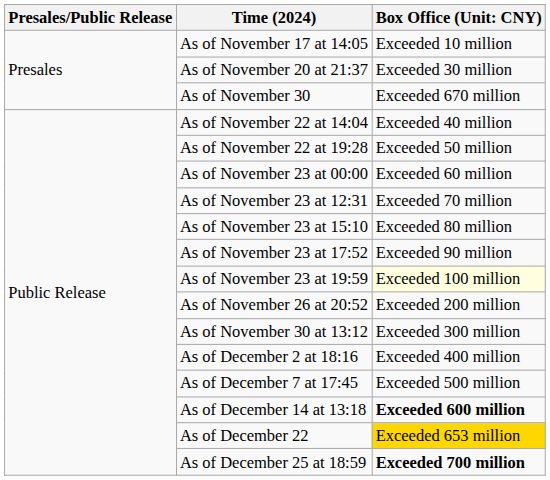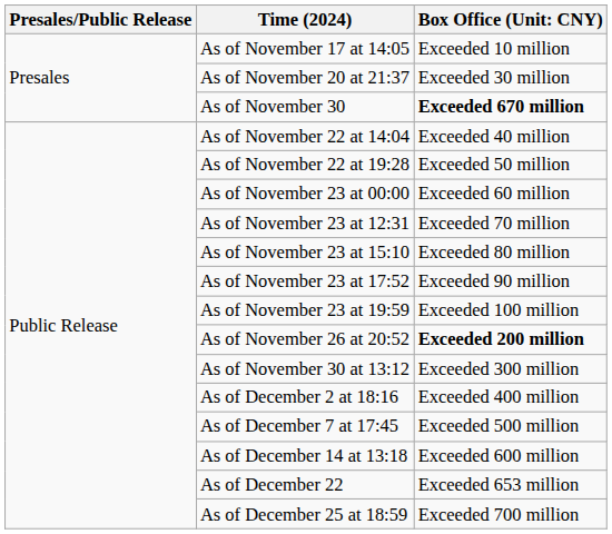 <table class="wikitable">
 <tr>
 <th>Presales/Public Release</th>
 <th>Time (2024)</th>
 <th>Box Office (Unit: CNY)</th>
 </tr>
 <tr>
 <td rowspan="3">Presales</td>
 <td>As of November 17 at 14:05</td>
 <td>Exceeded 10 million</td>
 </tr>
 <tr>
 <td>As of November 20 at 21:37</td>
 <td>Exceeded 30 million</td>
 </tr>
 <tr>
 <td>As of November 30</td>
-<td>Exceeded 670 million</td>
+<td><strong>Exceeded 670 million</strong></td>
 </tr>
 <tr>
 <td rowspan="14">Public Release</td>
 <td>As of November 22 at 14:04</td>
 <td>Exceeded 40 million</td>
 </tr>
 <tr>
 <td>As of November 22 at 19:28</td>
 <td>Exceeded 50 million</td>
 </tr>
 <tr>
 <td>As of November 23 at 00:00</td>
 <td>Exceeded 60 million</td>
 </tr>
 <tr>
 <td>As of November 23 at 12:31</td>
 <td>Exceeded 70 million</td>
 </tr>
 <tr>
 <td>As of November 23 at 15:10</td>
 <td>Exceeded 80 million</td>
 </tr>
 <tr>
 <td>As of November 23 at 17:52</td>
 <td>Exceeded 90 million</td>
 </tr>
 <tr>
 <td>As of November 23 at 19:59</td>
-<td style="background: lightyellow;">Exceeded 100 million</td>
+<td>Exceeded 100 million</td>
 </tr>
 <tr>
 <td>As of November 26 at 20:52</td>
-<td>Exceeded 200 million</td>
+<td><strong>Exceeded 200 million</strong></td>
 </tr>
 <tr>
 <td>As of November 30 at 13:12</td>
 <td>Exceeded 300 million</td>
 </tr>
 <tr>
 <td>As of December 2 at 18:16</td>
 <td>Exceeded 400 million</td>
 </tr>
 <tr>
 <td>As of December 7 at 17:45</td>
 <td>Exceeded 500 million</td>
 </tr>
 <tr>
 <td>As of December 14 at 13:18</td>
-<td><strong>Exceeded 600 million</strong></td>
+<td>Exceeded 600 million</td>
 </tr>
 <tr>
 <td>As of December 22</td>
-<td style="background: gold;">Exceeded 653 million</td>
+<td>Exceeded 653 million</td>
 </tr>
 <tr>
 <td>As of December 25 at 18:59</td>
-<td><strong>Exceeded 700 million</strong></td>
+<td>Exceeded 700 million</td>
 </tr>
 </table>
